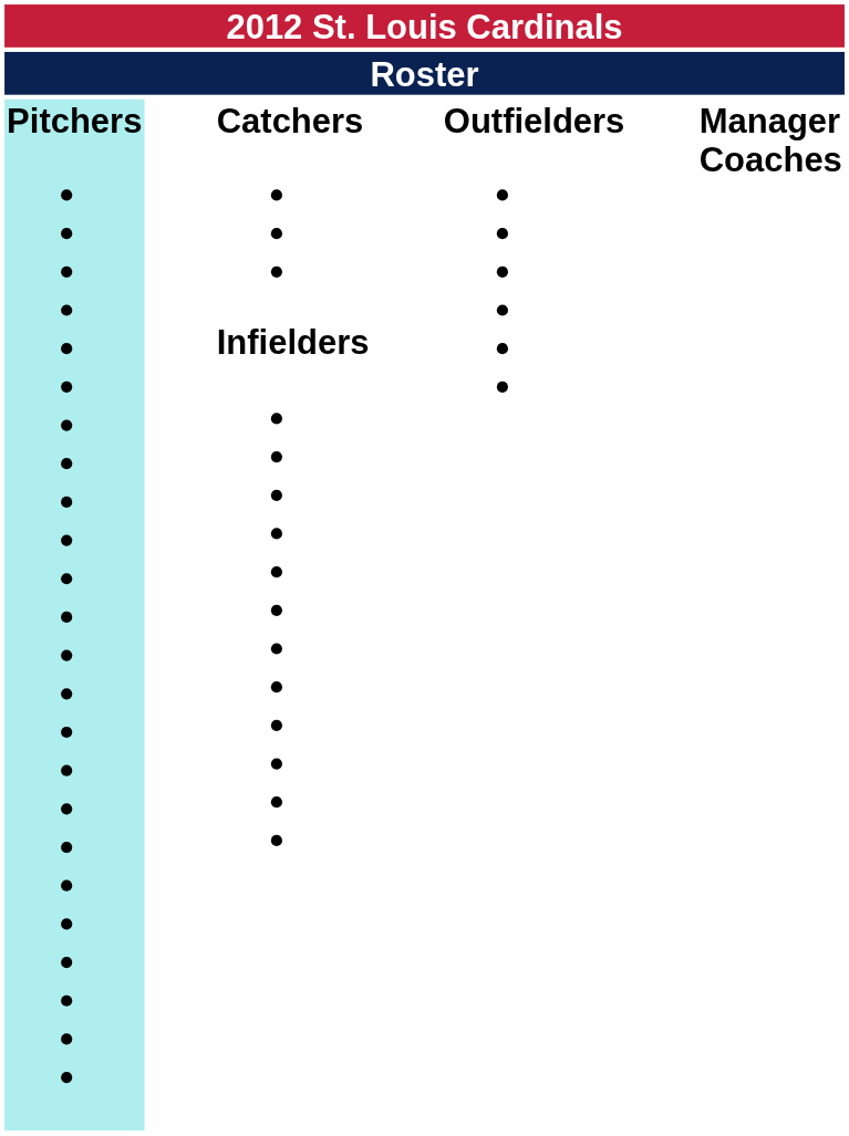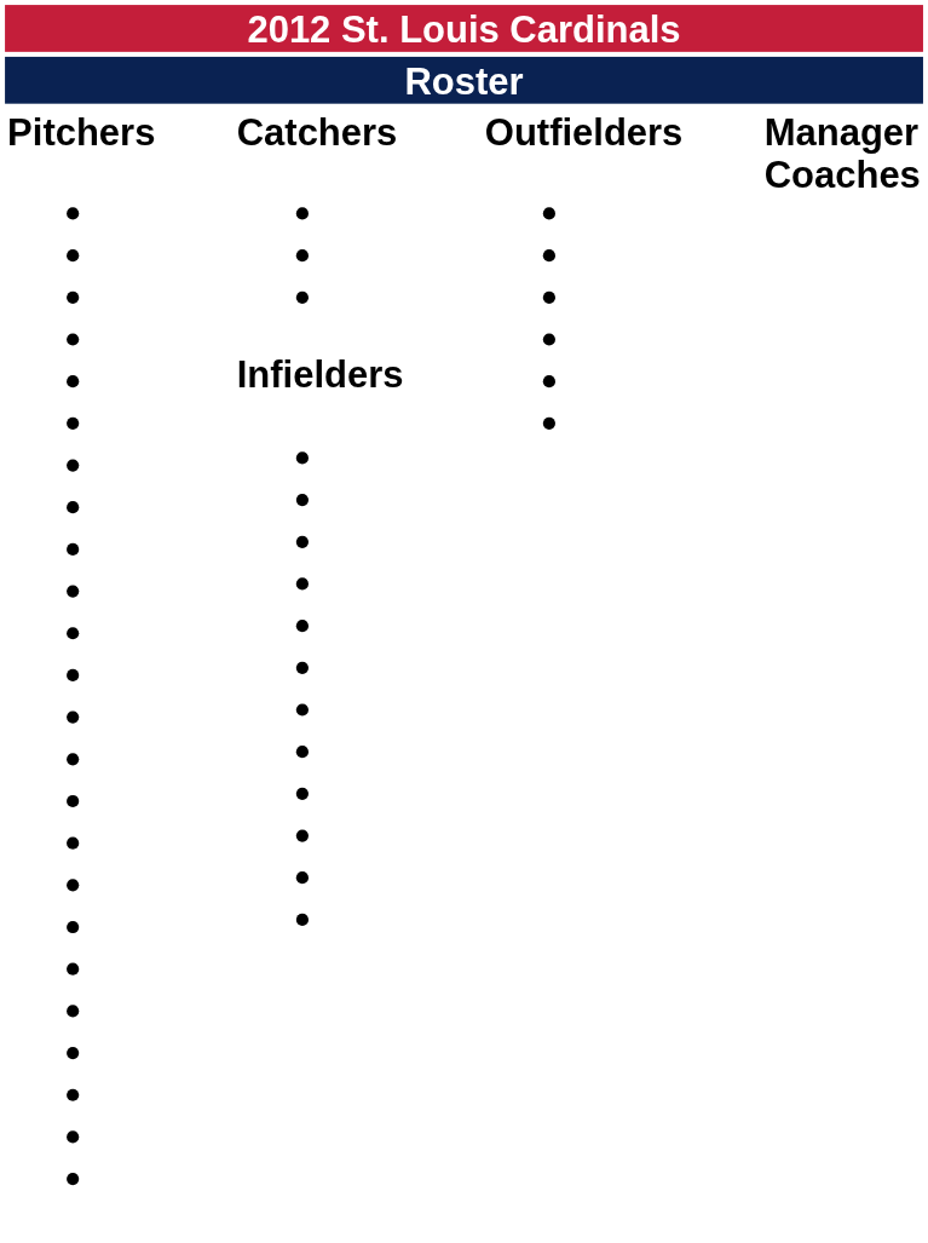 <table class="toccolours" style="font-size: 95%;">
 <tr>
 <th colspan="10" style="background:#c41e3a; color:#fff; text-align:center;">2012 St. Louis Cardinals</th>
 </tr>
 <tr>
 <td colspan="10" style="background:#0a2252; color:#fff; text-align:center;"><strong>Roster</strong></td>
 </tr>
 <tr>
-<td valign="top" style="background: paleturquoise;"><strong>Pitchers</strong><br><ul><li></li><li></li><li></li><li></li><li></li><li></li><li></li><li></li><li></li><li></li><li></li><li></li><li></li><li></li><li></li><li></li><li></li><li></li><li></li><li></li><li></li><li></li><li></li><li></li></ul></td>
+<td valign="top"><strong>Pitchers</strong><br><ul><li></li><li></li><li></li><li></li><li></li><li></li><li></li><li></li><li></li><li></li><li></li><li></li><li></li><li></li><li></li><li></li><li></li><li></li><li></li><li></li><li></li><li></li><li></li><li></li></ul></td>
 <td style="width:25px;"></td>
 <td valign="top"><strong>Catchers</strong><br><ul><li></li><li></li><li></li></ul><strong>Infielders</strong><ul><li></li><li></li><li></li><li></li><li></li><li></li><li></li><li></li><li></li><li></li><li></li><li></li></ul></td>
 <td style="width:25px;"></td>
 <td valign="top"><strong>Outfielders</strong><br><ul><li></li><li></li><li></li><li></li><li></li><li></li></ul></td>
 <td style="width:25px;"></td>
 <td valign="top"><strong>Manager</strong><br> <strong>Coaches</strong>                </td>
 </tr>
 </table>
